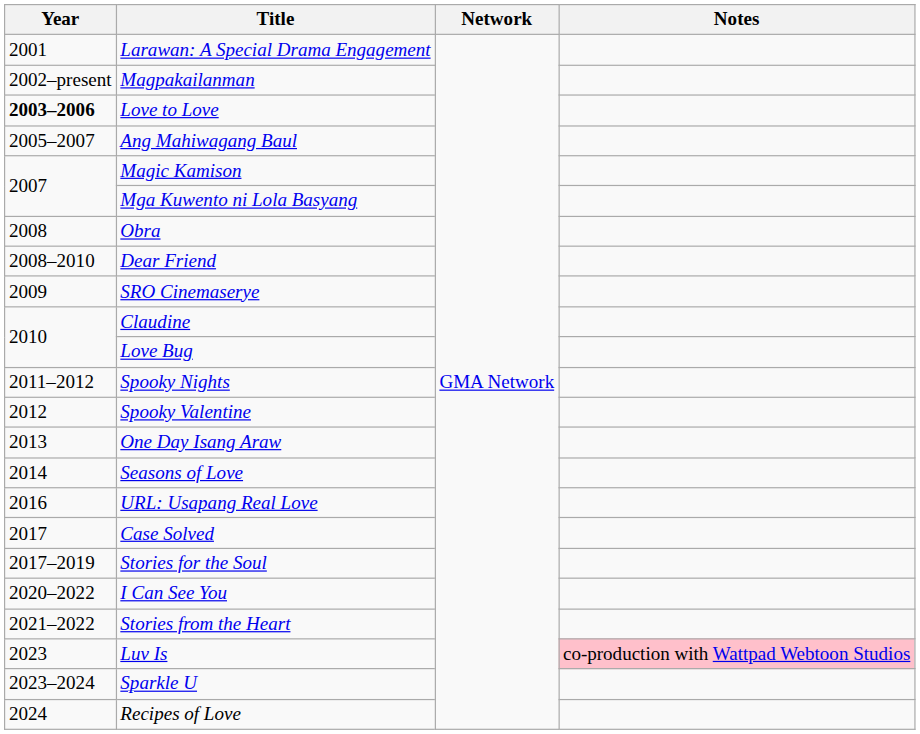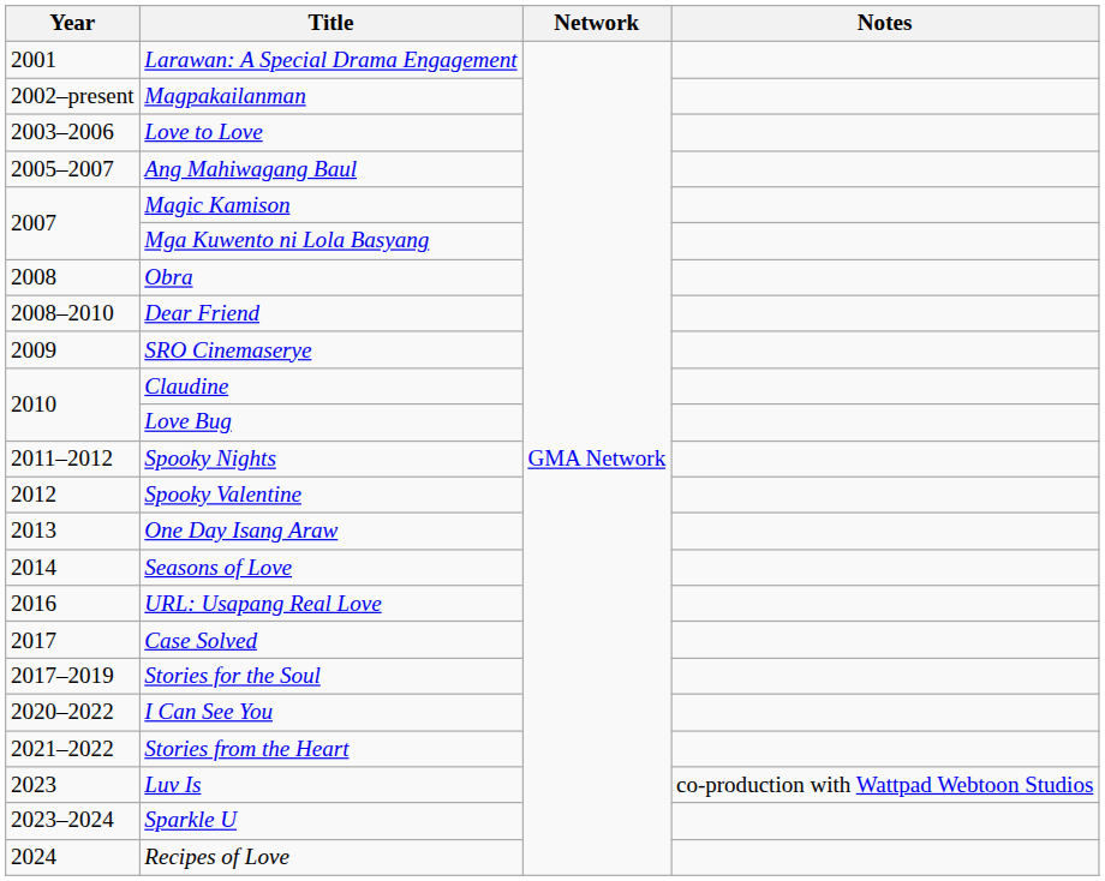 <table class="wikitable">
 <tr>
 <th>Year</th>
 <th>Title</th>
 <th>Network</th>
 <th>Notes</th>
 </tr>
 <tr>
 <td>2001</td>
 <td><em><a href='#'>Larawan: A Special Drama Engagement</a></em></td>
 <td rowspan="23"><a href='#'>GMA Network</a></td>
 <td></td>
 </tr>
 <tr>
 <td>2002–present</td>
 <td><em><a href='#'>Magpakailanman</a></em></td>
 <td></td>
 </tr>
 <tr>
-<td><strong>2003–2006</strong></td>
+<td>2003–2006</td>
 <td><em><a href='#'>Love to Love</a></em></td>
 <td></td>
 </tr>
 <tr>
 <td>2005–2007</td>
 <td><em><a href='#'>Ang Mahiwagang Baul</a></em></td>
 <td></td>
 </tr>
 <tr>
 <td rowspan="2">2007</td>
 <td><em><a href='#'>Magic Kamison</a></em></td>
 <td></td>
 </tr>
 <tr>
 <td><em><a href='#'>Mga Kuwento ni Lola Basyang</a></em></td>
 <td></td>
 </tr>
 <tr>
 <td>2008</td>
 <td><em><a href='#'>Obra</a></em></td>
 <td></td>
 </tr>
 <tr>
 <td>2008–2010</td>
 <td><em><a href='#'>Dear Friend</a></em></td>
 <td></td>
 </tr>
 <tr>
 <td>2009</td>
 <td><em><a href='#'>SRO Cinemaserye</a></em></td>
 <td></td>
 </tr>
 <tr>
 <td rowspan="2">2010</td>
 <td><em><a href='#'>Claudine</a></em></td>
 <td></td>
 </tr>
 <tr>
 <td><em><a href='#'>Love Bug</a></em></td>
 <td></td>
 </tr>
 <tr>
 <td>2011–2012</td>
 <td><em><a href='#'>Spooky Nights</a></em></td>
 <td></td>
 </tr>
 <tr>
 <td>2012</td>
 <td><em><a href='#'>Spooky Valentine</a></em></td>
 <td></td>
 </tr>
 <tr>
 <td>2013</td>
 <td><em><a href='#'>One Day Isang Araw</a></em></td>
 <td></td>
 </tr>
 <tr>
 <td>2014</td>
 <td><em><a href='#'>Seasons of Love</a></em></td>
 <td></td>
 </tr>
 <tr>
 <td>2016</td>
 <td><em><a href='#'>URL: Usapang Real Love</a></em></td>
 <td></td>
 </tr>
 <tr>
 <td>2017</td>
 <td><em><a href='#'>Case Solved</a></em></td>
 <td></td>
 </tr>
 <tr>
 <td>2017–2019</td>
 <td><em><a href='#'>Stories for the Soul</a></em></td>
 <td></td>
 </tr>
 <tr>
 <td>2020–2022</td>
 <td><em><a href='#'>I Can See You</a></em></td>
 <td></td>
 </tr>
 <tr>
 <td>2021–2022</td>
 <td><em><a href='#'>Stories from the Heart</a></em></td>
 <td></td>
 </tr>
 <tr>
 <td>2023</td>
 <td><em><a href='#'>Luv Is</a></em></td>
-<td style="background: pink;">co-production with <a href='#'>Wattpad Webtoon Studios</a></td>
+<td>co-production with <a href='#'>Wattpad Webtoon Studios</a></td>
 </tr>
 <tr>
 <td>2023–2024</td>
 <td><em><a href='#'>Sparkle U</a></em></td>
 <td></td>
 </tr>
 <tr>
 <td>2024</td>
 <td><em>Recipes of Love</em></td>
 <td></td>
 </tr>
 </table>
